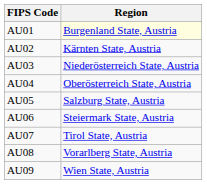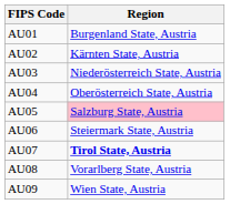 <table class="wikitable">
 <tr>
 <th>FIPS Code</th>
 <th>Region</th>
 </tr>
 <tr>
 <td>AU01</td>
-<td style="background: lightyellow;"><a href='#'>Burgenland State, Austria</a></td>
+<td><a href='#'>Burgenland State, Austria</a></td>
 </tr>
 <tr>
 <td>AU02</td>
 <td><a href='#'>Kärnten State, Austria</a></td>
 </tr>
 <tr>
 <td>AU03</td>
 <td><a href='#'>Niederösterreich State, Austria</a></td>
 </tr>
 <tr>
 <td>AU04</td>
 <td><a href='#'>Oberösterreich State, Austria</a></td>
 </tr>
 <tr>
 <td>AU05</td>
-<td><a href='#'>Salzburg State, Austria</a></td>
+<td style="background: pink;"><a href='#'>Salzburg State, Austria</a></td>
 </tr>
 <tr>
 <td>AU06</td>
 <td><a href='#'>Steiermark State, Austria</a></td>
 </tr>
 <tr>
 <td>AU07</td>
-<td><a href='#'>Tirol State, Austria</a></td>
+<td><strong><a href='#'>Tirol State, Austria</a></strong></td>
 </tr>
 <tr>
 <td>AU08</td>
 <td><a href='#'>Vorarlberg State, Austria</a></td>
 </tr>
 <tr>
 <td>AU09</td>
 <td><a href='#'>Wien State, Austria</a></td>
 </tr>
 </table>
